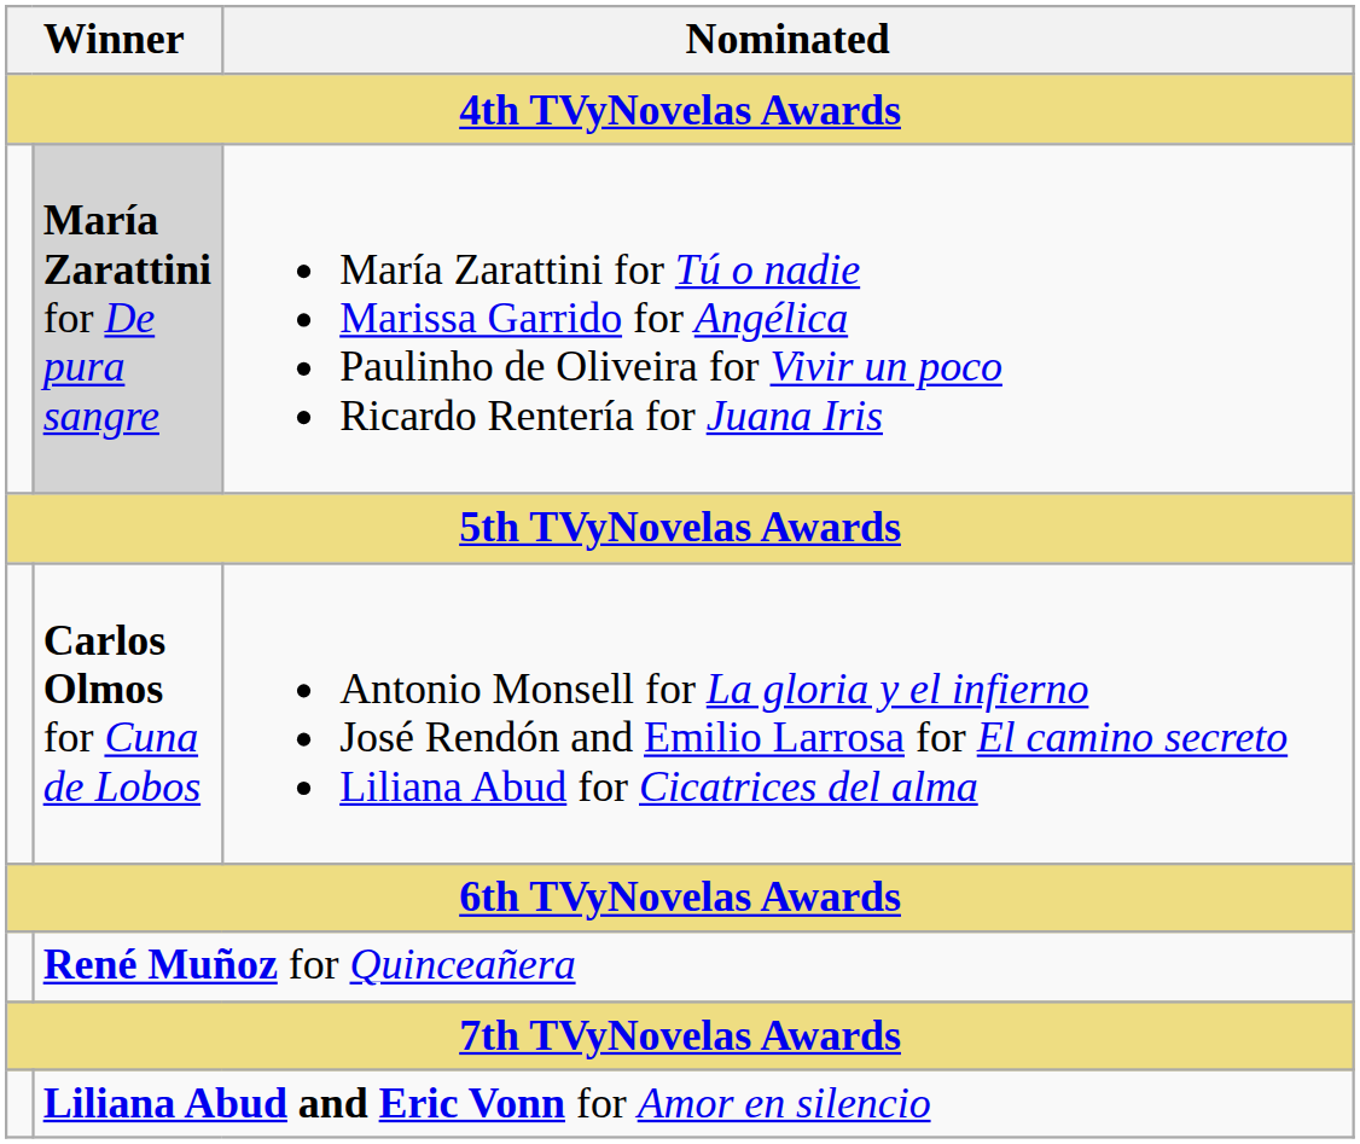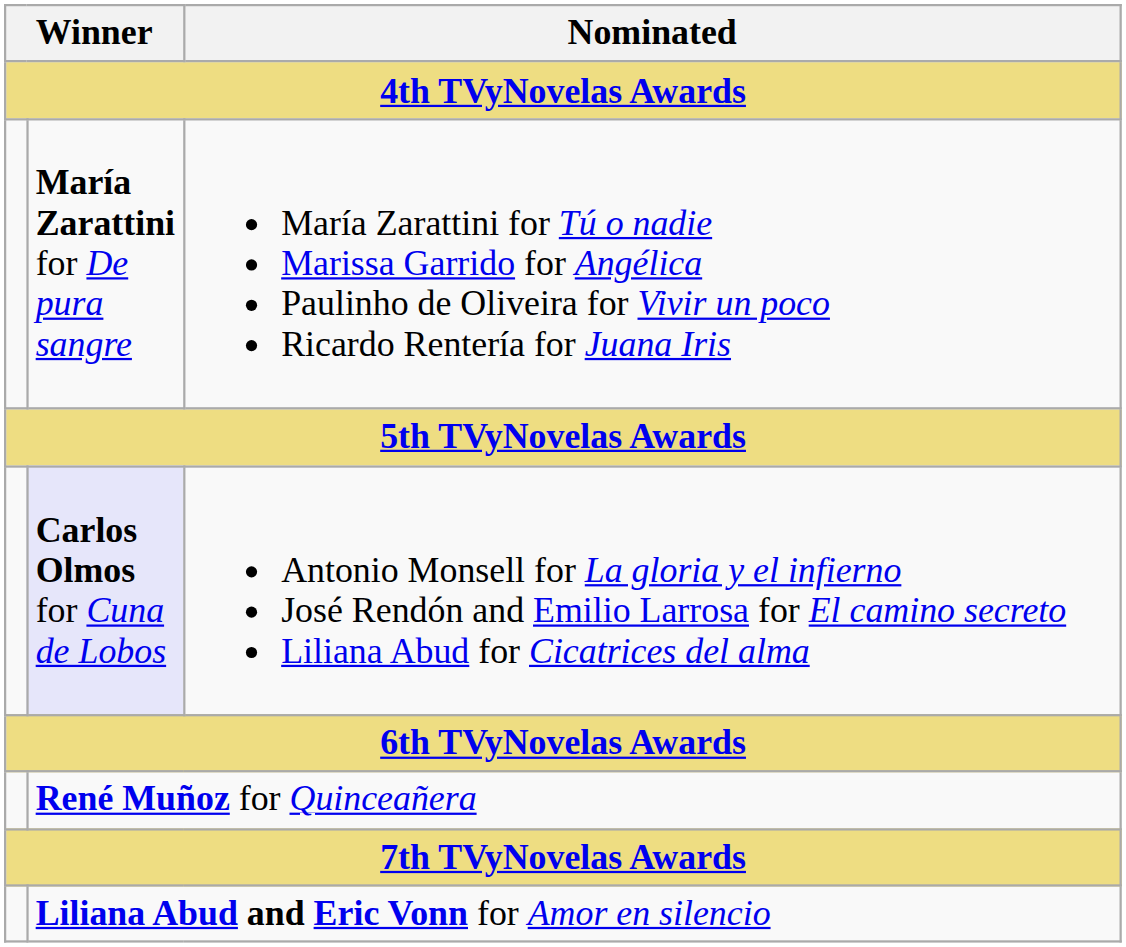 <table class="wikitable" width=80%>
 <tr align=center>
 <th width="150px;" colspan=2; align="center">Winner</th>
 <th width="580px;" align="center">Nominated</th>
 </tr>
 <tr>
 <th colspan=9 style="background:#EEDD82;"  align="center"><strong><a href='#'>4th TVyNovelas Awards</a></strong></th>
 </tr>
 <tr>
 <td width=2%></td>
-<td style="background: lightgrey;"><strong>María Zarattini</strong> for <em><a href='#'>De pura sangre</a></em></td>
+<td><strong>María Zarattini</strong> for <em><a href='#'>De pura sangre</a></em></td>
 <td><br><ul><li>María Zarattini for <em><a href='#'>Tú o nadie</a></em></li><li><a href='#'>Marissa Garrido</a> for <em><a href='#'>Angélica</a></em></li><li>Paulinho de Oliveira for <em><a href='#'>Vivir un poco</a></em></li><li>Ricardo Rentería for <em><a href='#'>Juana Iris</a></em></li></ul></td>
 </tr>
 <tr>
 <th colspan=9 style="background:#EEDD82;"  align="center"><strong><a href='#'>5th TVyNovelas Awards</a></strong></th>
 </tr>
 <tr>
 <td width=2%></td>
-<td><strong>Carlos Olmos</strong> for <em><a href='#'>Cuna de Lobos</a></em></td>
+<td style="background: lavender;"><strong>Carlos Olmos</strong> for <em><a href='#'>Cuna de Lobos</a></em></td>
 <td><br><ul><li>Antonio Monsell for <em><a href='#'>La gloria y el infierno</a></em></li><li>José Rendón and <a href='#'>Emilio Larrosa</a> for <em><a href='#'>El camino secreto</a></em></li><li><a href='#'>Liliana Abud</a> for <em><a href='#'>Cicatrices del alma</a></em></li></ul></td>
 </tr>
 <tr>
 <th colspan=9 style="background:#EEDD82;"  align="center"><strong><a href='#'>6th TVyNovelas Awards</a></strong></th>
 </tr>
 <tr>
 <td width=2%></td>
 <td colspan=2><strong><a href='#'>René Muñoz</a></strong> for <em><a href='#'>Quinceañera</a></em></td>
 </tr>
 <tr>
 <th colspan=9 style="background:#EEDD82;"  align="center"><strong><a href='#'>7th TVyNovelas Awards</a></strong></th>
 </tr>
 <tr>
 <td width=2%></td>
 <td colspan=2><strong><a href='#'>Liliana Abud</a> and <a href='#'>Eric Vonn</a></strong> for <em><a href='#'>Amor en silencio</a></em></td>
 </tr>
 </table>
